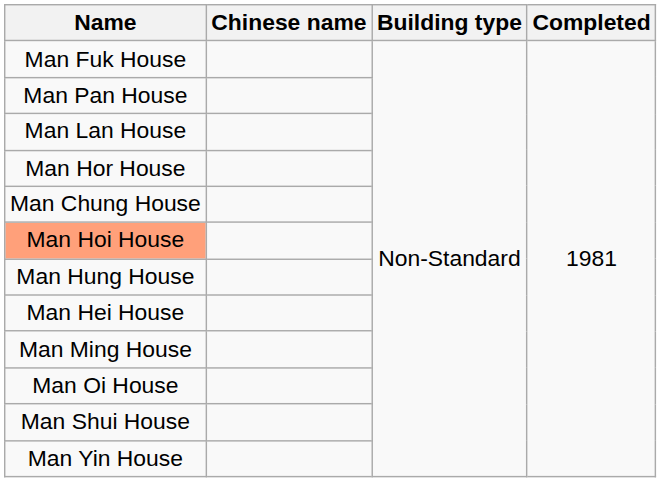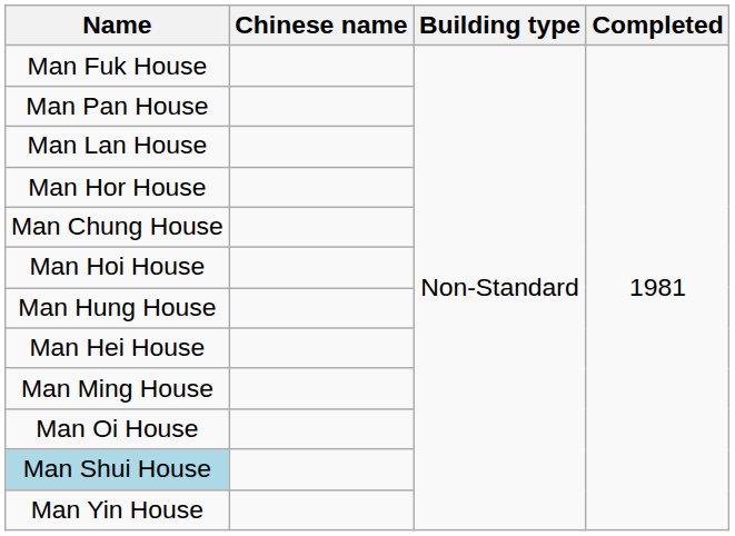 <table class="wikitable" style="text-align: center">
 <tr>
 <th>Name</th>
 <th>Chinese name</th>
 <th>Building type</th>
 <th>Completed</th>
 </tr>
 <tr>
 <td>Man Fuk House</td>
 <td></td>
 <td rowspan="12">Non-Standard</td>
 <td rowspan="12">1981</td>
 </tr>
 <tr>
 <td>Man Pan House</td>
 <td></td>
 </tr>
 <tr>
 <td>Man Lan House</td>
 <td></td>
 </tr>
 <tr>
 <td>Man Hor House</td>
 <td></td>
 </tr>
 <tr>
 <td>Man Chung House</td>
 <td></td>
 </tr>
 <tr>
-<td style="background: lightsalmon;">Man Hoi House</td>
+<td>Man Hoi House</td>
 <td></td>
 </tr>
 <tr>
 <td>Man Hung House</td>
 <td></td>
 </tr>
 <tr>
 <td>Man Hei House</td>
 <td></td>
 </tr>
 <tr>
 <td>Man Ming House</td>
 <td></td>
 </tr>
 <tr>
 <td>Man Oi House</td>
 <td></td>
 </tr>
 <tr>
-<td>Man Shui House</td>
+<td style="background: lightblue;">Man Shui House</td>
 <td></td>
 </tr>
 <tr>
 <td>Man Yin House</td>
 <td></td>
 </tr>
 </table>
